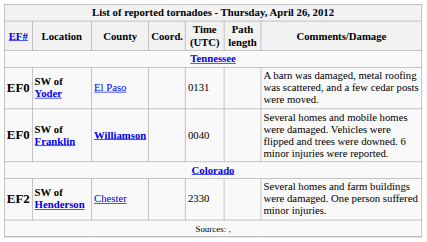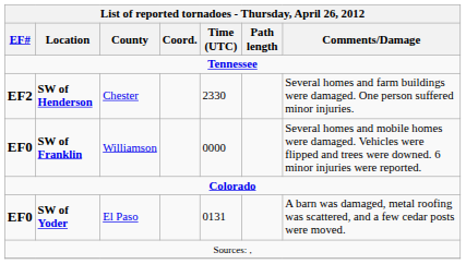 <table class="wikitable collapsible" width="100%">
 <tr>
 <th colspan="7">List of reported tornadoes - Thursday, April 26, 2012</th>
 </tr>
 <tr>
 <th><a href='#'>EF#</a></th>
 <th>Location</th>
 <th>County</th>
 <th>Coord.</th>
 <th>Time (UTC)</th>
 <th>Path length</th>
 <th>Comments/Damage</th>
 </tr>
 <tr>
 <td colspan="7" align=center><strong><a href='#'>Tennessee</a></strong></td>
 </tr>
 <tr>
+<td><big><strong>EF2</strong></big></td>
+<td><strong>SW of  <a href='#'>Henderson</a></strong></td>
+<td><a href='#'>Chester</a></td>
+<td></td>
+<td>2330</td>
+<td></td>
+<td>Several homes and farm buildings were damaged. One person suffered minor injuries.</td>
+</tr>
+<tr>
+<td><big><strong>EF0</strong></big></td>
+<td><strong>SW of <a href='#'>Franklin</a></strong></td>
+<td><a href='#'>Williamson</a></td>
+<td></td>
+<td>0000</td>
+<td></td>
+<td>Several homes and mobile homes were damaged. Vehicles were flipped and trees were downed. 6 minor injuries were reported.</td>
+</tr>
+<tr>
+<td colspan="7" align=center><strong><a href='#'>Colorado</a></strong></td>
+</tr>
+<tr>
 <td><big><strong>EF0</strong></big></td>
 <td><strong>SW of <a href='#'>Yoder</a></strong></td>
 <td><a href='#'>El Paso</a></td>
 <td></td>
 <td>0131</td>
 <td></td>
 <td>A barn was damaged, metal roofing was scattered, and a few cedar posts were moved.</td>
 </tr>
 <tr>
-<td><big><strong>EF0</strong></big></td>
-<td><strong>SW of <a href='#'>Franklin</a></strong></td>
-<td><strong><a href='#'>Williamson</a></strong></td>
-<td></td>
-<td>0040</td>
-<td></td>
-<td>Several homes and mobile homes were damaged. Vehicles were flipped and trees were downed. 6 minor injuries were reported.</td>
-</tr>
-<tr>
-<td colspan="7" align=center><strong><a href='#'>Colorado</a></strong></td>
-</tr>
-<tr>
-<td><big><strong>EF2</strong></big></td>
-<td><strong>SW of  <a href='#'>Henderson</a></strong></td>
-<td><a href='#'>Chester</a></td>
-<td></td>
-<td>2330</td>
-<td></td>
-<td>Several homes and farm buildings were damaged. One person suffered minor injuries.</td>
-</tr>
-<tr>
 <td colspan="7" align=center><small>Sources: ,  </small></td>
 </tr>
 <tr>
 </tr>
 </table>
